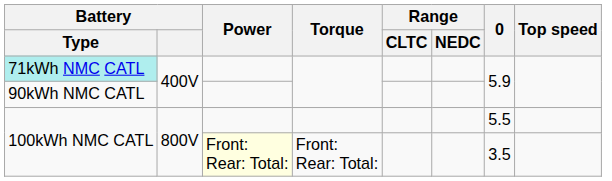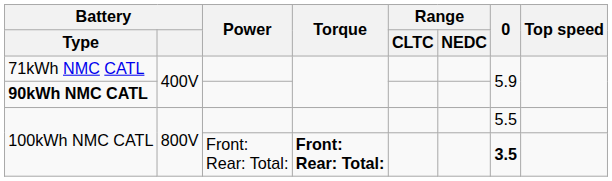 <table class="wikitable">
 <tr>
 <th colspan="2">Battery</th>
 <th rowspan="2">Power</th>
 <th rowspan="2">Torque</th>
 <th colspan="2">Range</th>
 <th rowspan="2">0</th>
 <th rowspan="2">Top speed</th>
 </tr>
 <tr>
 <th>Type</th>
 <th></th>
 <th>CLTC</th>
 <th>NEDC</th>
 </tr>
 <tr>
-<td style="background: paleturquoise;">71kWh <a href='#'>NMC</a> <a href='#'>CATL</a></td>
+<td>71kWh <a href='#'>NMC</a> <a href='#'>CATL</a></td>
 <td rowspan="2">400V</td>
 <td></td>
 <td rowspan="2"></td>
 <td></td>
 <td></td>
 <td rowspan="2">5.9</td>
 <td rowspan="2"></td>
 </tr>
 <tr>
-<td>90kWh NMC CATL</td>
+<td><strong>90kWh NMC CATL</strong></td>
 <td></td>
 <td></td>
 <td></td>
 </tr>
 <tr>
 <td rowspan="2">100kWh NMC CATL</td>
 <td rowspan="2">800V</td>
 <td></td>
 <td></td>
 <td></td>
 <td></td>
 <td>5.5</td>
 <td></td>
 </tr>
 <tr>
-<td style="background: lightyellow;">Front: <br>Rear:  Total: </td>
 <td>Front: <br>Rear:  Total: </td>
+<td><strong>Front: <br>Rear:  Total: </strong></td>
 <td></td>
 <td></td>
-<td>3.5</td>
+<td><strong>3.5</strong></td>
 <td></td>
 </tr>
 </table>
